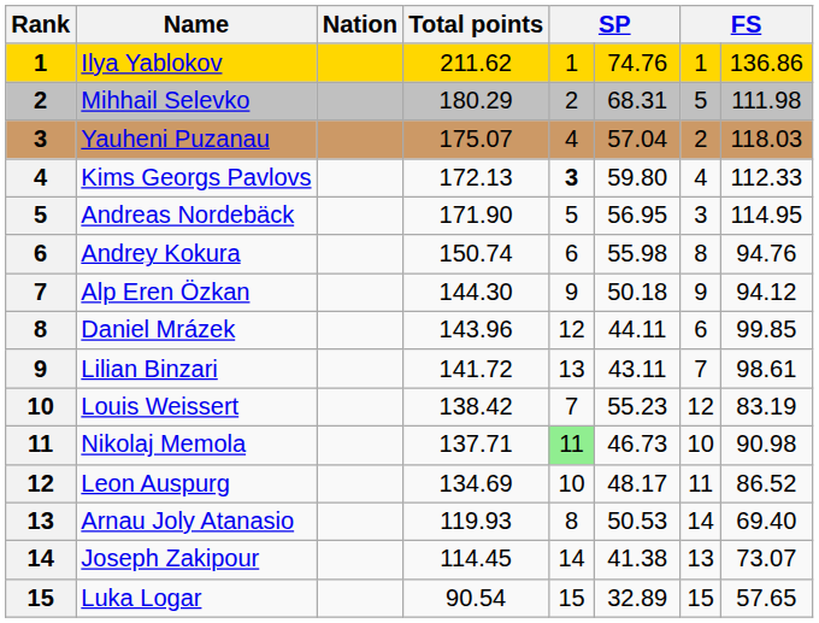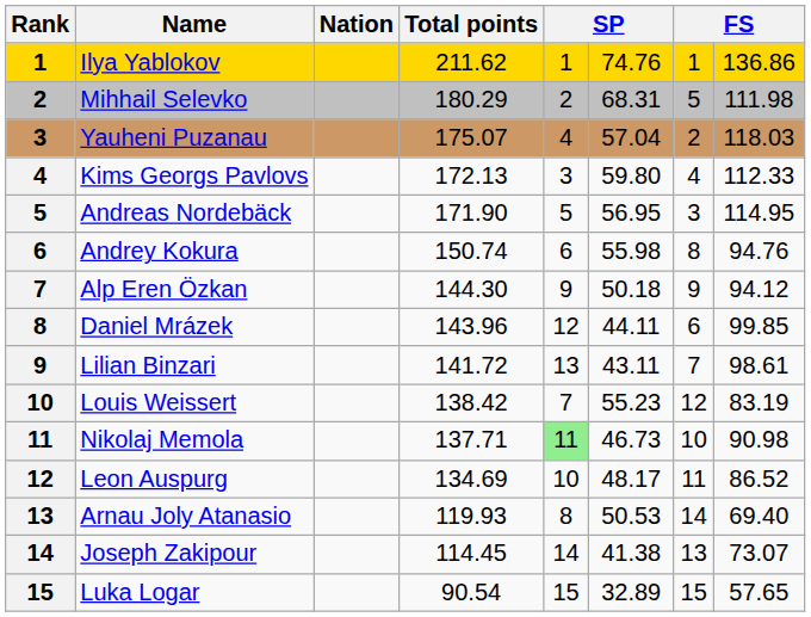 <table class="wikitable sortable">
 <tr>
 <th>Rank</th>
 <th>Name</th>
 <th>Nation</th>
 <th>Total points</th>
 <th colspan="2" width="80px"><a href='#'>SP</a></th>
 <th colspan="2" width="80px"><a href='#'>FS</a></th>
 </tr>
 <tr bgcolor="gold">
 <td align="center"><strong>1</strong></td>
 <td><a href='#'>Ilya Yablokov</a></td>
 <td></td>
 <td align="center">211.62</td>
 <td align="center">1</td>
 <td align="center">74.76</td>
 <td align="center">1</td>
 <td align="center">136.86</td>
 </tr>
 <tr bgcolor="silver">
 <td align="center"><strong>2</strong></td>
 <td><a href='#'>Mihhail Selevko</a></td>
 <td></td>
 <td align="center">180.29</td>
 <td align="center">2</td>
 <td align="center">68.31</td>
 <td align="center">5</td>
 <td align="center">111.98</td>
 </tr>
 <tr bgcolor="cc9966">
 <td align="center"><strong>3</strong></td>
 <td><a href='#'>Yauheni Puzanau</a></td>
 <td></td>
 <td align="center">175.07</td>
 <td align="center">4</td>
 <td align="center">57.04</td>
 <td align="center">2</td>
 <td align="center">118.03</td>
 </tr>
 <tr>
 <th>4</th>
 <td><a href='#'>Kims Georgs Pavlovs</a></td>
 <td></td>
 <td align="center">172.13</td>
-<td align="center"><strong>3</strong></td>
+<td align="center">3</td>
 <td align="center">59.80</td>
 <td align="center">4</td>
 <td align="center">112.33</td>
 </tr>
 <tr>
 <th>5</th>
 <td><a href='#'>Andreas Nordebäck</a></td>
 <td></td>
 <td align="center">171.90</td>
 <td align="center">5</td>
 <td align="center">56.95</td>
 <td align="center">3</td>
 <td align="center">114.95</td>
 </tr>
 <tr>
 <th>6</th>
 <td><a href='#'>Andrey Kokura</a></td>
 <td></td>
 <td align="center">150.74</td>
 <td align="center">6</td>
 <td align="center">55.98</td>
 <td align="center">8</td>
 <td align="center">94.76</td>
 </tr>
 <tr>
 <th>7</th>
 <td><a href='#'>Alp Eren Özkan</a></td>
 <td></td>
 <td align="center">144.30</td>
 <td align="center">9</td>
 <td align="center">50.18</td>
 <td align="center">9</td>
 <td align="center">94.12</td>
 </tr>
 <tr>
 <th>8</th>
 <td><a href='#'>Daniel Mrázek</a></td>
 <td></td>
 <td align="center">143.96</td>
 <td align="center">12</td>
 <td align="center">44.11</td>
 <td align="center">6</td>
 <td align="center">99.85</td>
 </tr>
 <tr>
 <th>9</th>
 <td><a href='#'>Lilian Binzari</a></td>
 <td></td>
 <td align="center">141.72</td>
 <td align="center">13</td>
 <td align="center">43.11</td>
 <td align="center">7</td>
 <td align="center">98.61</td>
 </tr>
 <tr>
 <th>10</th>
 <td><a href='#'>Louis Weissert</a></td>
 <td></td>
 <td align="center">138.42</td>
 <td align="center">7</td>
 <td align="center">55.23</td>
 <td align="center">12</td>
 <td align="center">83.19</td>
 </tr>
 <tr>
 <th>11</th>
 <td><a href='#'>Nikolaj Memola</a></td>
 <td></td>
 <td align="center">137.71</td>
 <td align="center" style="background: lightgreen;">11</td>
 <td align="center">46.73</td>
 <td align="center">10</td>
 <td align="center">90.98</td>
 </tr>
 <tr>
 <th>12</th>
 <td><a href='#'>Leon Auspurg</a></td>
 <td></td>
 <td align="center">134.69</td>
 <td align="center">10</td>
 <td align="center">48.17</td>
 <td align="center">11</td>
 <td align="center">86.52</td>
 </tr>
 <tr>
 <th>13</th>
 <td><a href='#'>Arnau Joly Atanasio</a></td>
 <td></td>
 <td align="center">119.93</td>
 <td align="center">8</td>
 <td align="center">50.53</td>
 <td align="center">14</td>
 <td align="center">69.40</td>
 </tr>
 <tr>
 <th>14</th>
 <td><a href='#'>Joseph Zakipour</a></td>
 <td></td>
 <td align="center">114.45</td>
 <td align="center">14</td>
 <td align="center">41.38</td>
 <td align="center">13</td>
 <td align="center">73.07</td>
 </tr>
 <tr>
 <th>15</th>
 <td><a href='#'>Luka Logar</a></td>
 <td></td>
 <td align="center">90.54</td>
 <td align="center">15</td>
 <td align="center">32.89</td>
 <td align="center">15</td>
 <td align="center">57.65</td>
 </tr>
 </table>
